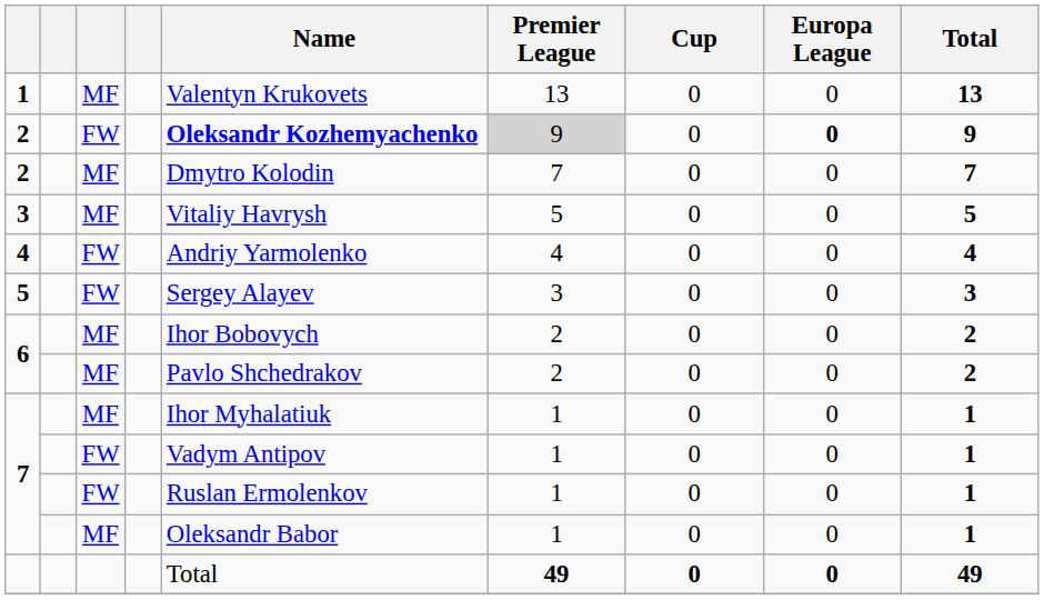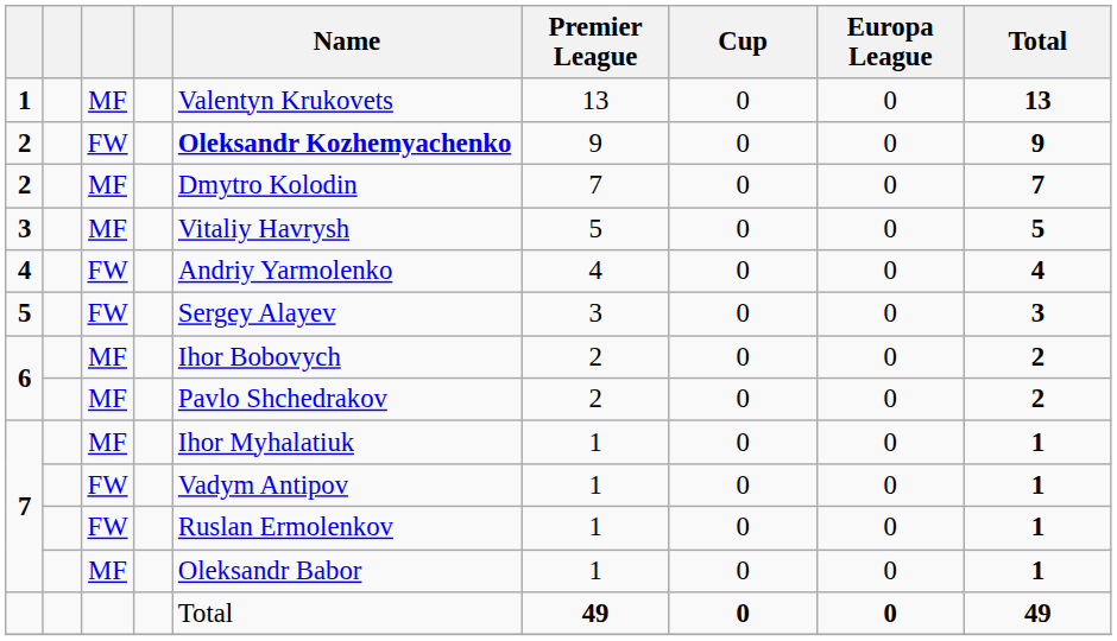 <table class="wikitable" style="text-align:center">
 <tr>
 <th width=15></th>
 <th width=15></th>
 <th width=15></th>
 <th width=15></th>
 <th width=200>Name</th>
 <th width=80><strong>Premier League</strong></th>
 <th width=80><strong>Cup</strong></th>
 <th width=80><strong>Europa League</strong></th>
 <th width=80>Total</th>
 </tr>
 <tr>
 <td><strong>1</strong></td>
 <td></td>
 <td><a href='#'>MF</a></td>
 <td></td>
 <td align=left><a href='#'>Valentyn Krukovets</a></td>
 <td>13</td>
 <td>0</td>
 <td>0</td>
 <td><strong>13</strong></td>
 </tr>
 <tr>
 <td><strong>2</strong></td>
 <td></td>
 <td><a href='#'>FW</a></td>
 <td></td>
 <td align=left><strong><a href='#'>Oleksandr Kozhemyachenko</a></strong></td>
-<td style="background: lightgrey;">9</td>
+<td>9</td>
 <td>0</td>
-<td><strong>0</strong></td>
+<td>0</td>
 <td><strong>9</strong></td>
 </tr>
 <tr>
 <td><strong>2</strong></td>
 <td></td>
 <td><a href='#'>MF</a></td>
 <td></td>
 <td align=left><a href='#'>Dmytro Kolodin</a></td>
 <td>7</td>
 <td>0</td>
 <td>0</td>
 <td><strong>7</strong></td>
 </tr>
 <tr>
 <td><strong>3</strong></td>
 <td></td>
 <td><a href='#'>MF</a></td>
 <td></td>
 <td align=left><a href='#'>Vitaliy Havrysh</a></td>
 <td>5</td>
 <td>0</td>
 <td>0</td>
 <td><strong>5</strong></td>
 </tr>
 <tr>
 <td><strong>4</strong></td>
 <td></td>
 <td><a href='#'>FW</a></td>
 <td></td>
 <td align=left><a href='#'>Andriy Yarmolenko</a></td>
 <td>4</td>
 <td>0</td>
 <td>0</td>
 <td><strong>4</strong></td>
 </tr>
 <tr>
 <td><strong>5</strong></td>
 <td></td>
 <td><a href='#'>FW</a></td>
 <td></td>
 <td align=left><a href='#'>Sergey Alayev</a></td>
 <td>3</td>
 <td>0</td>
 <td>0</td>
 <td><strong>3</strong></td>
 </tr>
 <tr>
 <td rowspan=2><strong>6</strong></td>
 <td></td>
 <td><a href='#'>MF</a></td>
 <td></td>
 <td align=left><a href='#'>Ihor Bobovych</a></td>
 <td>2</td>
 <td>0</td>
 <td>0</td>
 <td><strong>2</strong></td>
 </tr>
 <tr>
 <td></td>
 <td><a href='#'>MF</a></td>
 <td></td>
 <td align=left><a href='#'>Pavlo Shchedrakov</a></td>
 <td>2</td>
 <td>0</td>
 <td>0</td>
 <td><strong>2</strong></td>
 </tr>
 <tr>
 <td rowspan=4><strong>7</strong></td>
 <td></td>
 <td><a href='#'>MF</a></td>
 <td></td>
 <td align=left><a href='#'>Ihor Myhalatiuk</a></td>
 <td>1</td>
 <td>0</td>
 <td>0</td>
 <td><strong>1</strong></td>
 </tr>
 <tr>
 <td></td>
 <td><a href='#'>FW</a></td>
 <td></td>
 <td align=left><a href='#'>Vadym Antipov</a></td>
 <td>1</td>
 <td>0</td>
 <td>0</td>
 <td><strong>1</strong></td>
 </tr>
 <tr>
 <td></td>
 <td><a href='#'>FW</a></td>
 <td></td>
 <td align=left><a href='#'>Ruslan Ermolenkov</a></td>
 <td>1</td>
 <td>0</td>
 <td>0</td>
 <td><strong>1</strong></td>
 </tr>
 <tr>
 <td></td>
 <td><a href='#'>MF</a></td>
 <td></td>
 <td align=left><a href='#'>Oleksandr Babor</a></td>
 <td>1</td>
 <td>0</td>
 <td>0</td>
 <td><strong>1</strong></td>
 </tr>
 <tr>
 <td></td>
 <td></td>
 <td></td>
 <td></td>
 <td align=left>Total</td>
 <td><strong>49</strong></td>
 <td><strong>0</strong></td>
 <td><strong>0</strong></td>
 <td><strong>49</strong></td>
 </tr>
 <tr>
 </tr>
 </table>
